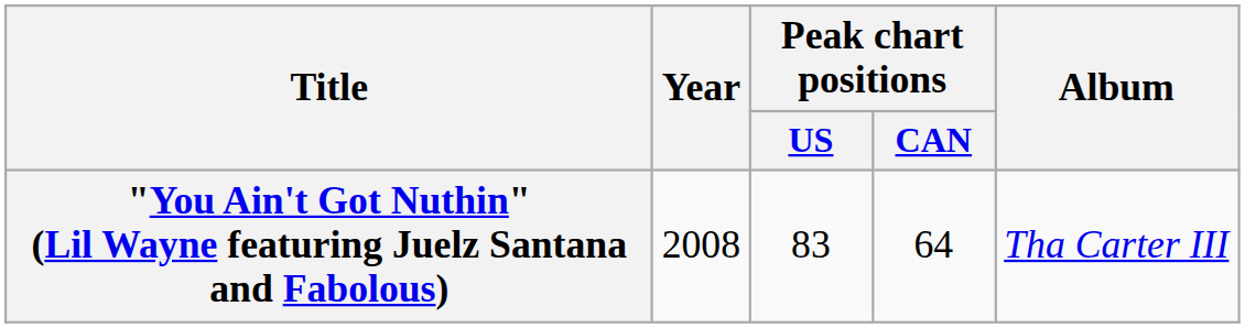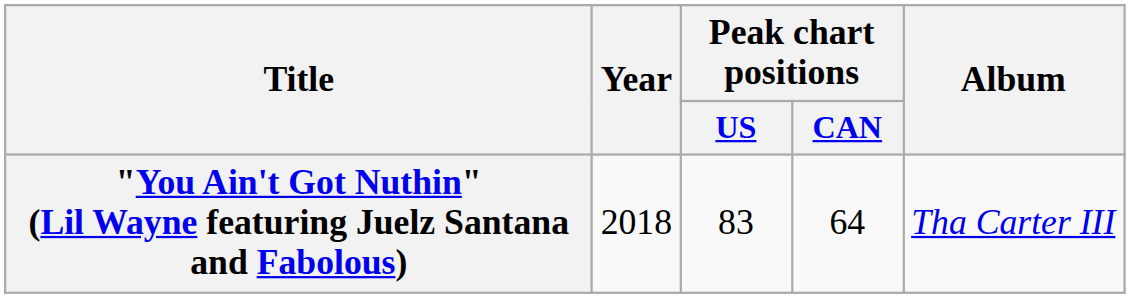 <table class="wikitable plainrowheaders" style="text-align:center;">
 <tr>
 <th scope="col" rowspan="2" style="width:16em;">Title</th>
 <th scope="col" rowspan="2">Year</th>
 <th scope="col" colspan="2">Peak chart positions</th>
 <th scope="col" rowspan="2">Album</th>
 </tr>
 <tr>
 <th style="width:3em; font-size:90%"><a href='#'>US</a><br></th>
 <th style="width:3em; font-size:90%"><a href='#'>CAN</a><br></th>
 </tr>
 <tr>
 <th scope="row">"<a href='#'>You Ain't Got Nuthin</a>"<br><span>(<a href='#'>Lil Wayne</a> featuring Juelz Santana and <a href='#'>Fabolous</a>)</span></th>
-<td>2008</td>
+<td>2018</td>
 <td>83</td>
 <td>64</td>
 <td><em><a href='#'>Tha Carter III</a></em></td>
 </tr>
 </table>
